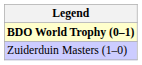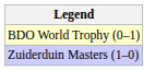 <table class="wikitable">
 <tr>
 <th>Legend</th>
 </tr>
 <tr style="background:#ffc;">
-<td><strong>BDO World Trophy (0–1)</strong></td>
+<td>BDO World Trophy (0–1)</td>
 </tr>
 <tr style="background:#ccf;">
 <td>Zuiderduin Masters (1–0)</td>
 </tr>
 </table>
